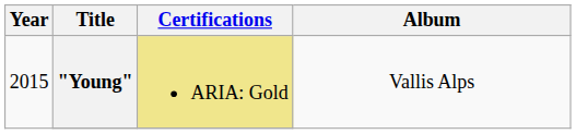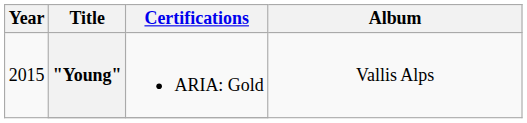 <table class="wikitable plainrowheaders" style="text-align:center;">
 <tr>
 <th scope="col">Year</th>
 <th scope="col">Title</th>
 <th scope="col"><a href='#'>Certifications</a></th>
 <th scope="col" width="220">Album</th>
 </tr>
 <tr>
 <td rowspan="2">2015</td>
 <th scope="row">"Young"</th>
-<td style="background: khaki;"><br><ul><li>ARIA: Gold</li></ul></td>
+<td><br><ul><li>ARIA: Gold</li></ul></td>
 <td rowspan="2">Vallis Alps</td>
 </tr>
 <tr>
 </tr>
 </table>
